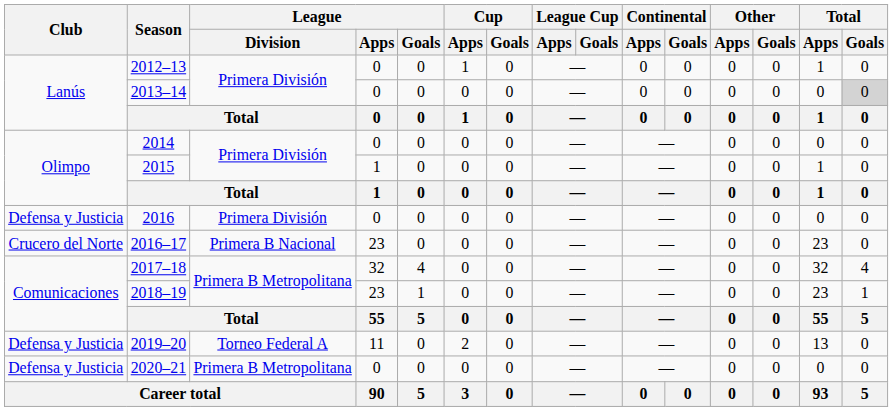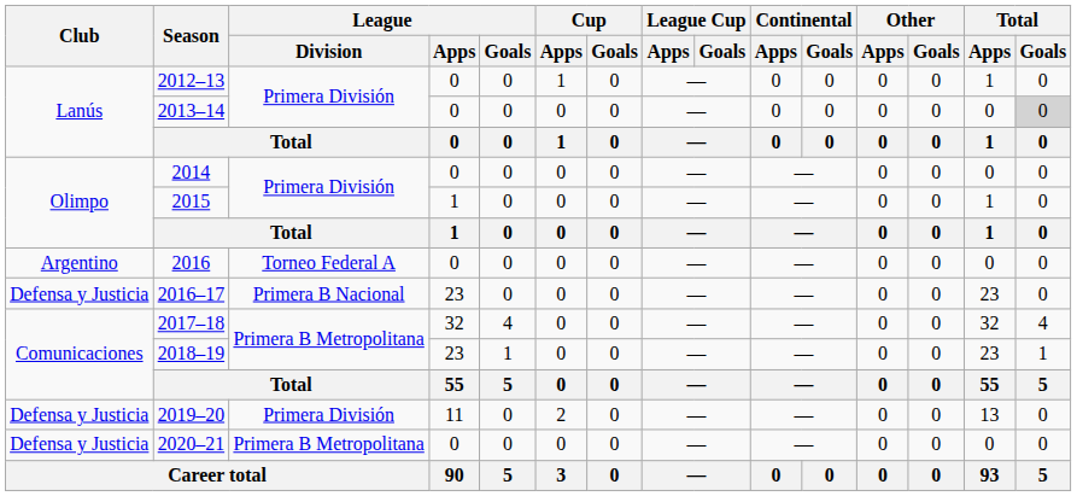 <table class="wikitable" style="text-align:center">
 <tr>
 <th rowspan="2">Club</th>
 <th rowspan="2">Season</th>
 <th colspan="3">League</th>
 <th colspan="2">Cup</th>
 <th colspan="2">League Cup</th>
 <th colspan="2">Continental</th>
 <th colspan="2">Other</th>
 <th colspan="2">Total</th>
 </tr>
 <tr>
 <th>Division</th>
 <th>Apps</th>
 <th>Goals</th>
 <th>Apps</th>
 <th>Goals</th>
 <th>Apps</th>
 <th>Goals</th>
 <th>Apps</th>
 <th>Goals</th>
 <th>Apps</th>
 <th>Goals</th>
 <th>Apps</th>
 <th>Goals</th>
 </tr>
 <tr>
 <td rowspan="3"><a href='#'>Lanús</a></td>
 <td><a href='#'>2012–13</a></td>
 <td rowspan="2"><a href='#'>Primera División</a></td>
 <td>0</td>
 <td>0</td>
 <td>1</td>
 <td>0</td>
 <td colspan="2">—</td>
 <td>0</td>
 <td>0</td>
 <td>0</td>
 <td>0</td>
 <td>1</td>
 <td>0</td>
 </tr>
 <tr>
 <td><a href='#'>2013–14</a></td>
 <td>0</td>
 <td>0</td>
 <td>0</td>
 <td>0</td>
 <td colspan="2">—</td>
 <td>0</td>
 <td>0</td>
 <td>0</td>
 <td>0</td>
 <td>0</td>
 <td style="background: lightgrey;">0</td>
 </tr>
 <tr>
 <th colspan="2">Total</th>
 <th>0</th>
 <th>0</th>
 <th>1</th>
 <th>0</th>
 <th colspan="2">—</th>
 <th>0</th>
 <th>0</th>
 <th>0</th>
 <th>0</th>
 <th>1</th>
 <th>0</th>
 </tr>
 <tr>
 <td rowspan="3"><a href='#'>Olimpo</a></td>
 <td><a href='#'>2014</a></td>
 <td rowspan="2"><a href='#'>Primera División</a></td>
 <td>0</td>
 <td>0</td>
 <td>0</td>
 <td>0</td>
 <td colspan="2">—</td>
 <td colspan="2">—</td>
 <td>0</td>
 <td>0</td>
 <td>0</td>
 <td>0</td>
 </tr>
 <tr>
 <td><a href='#'>2015</a></td>
 <td>1</td>
 <td>0</td>
 <td>0</td>
 <td>0</td>
 <td colspan="2">—</td>
 <td colspan="2">—</td>
 <td>0</td>
 <td>0</td>
 <td>1</td>
 <td>0</td>
 </tr>
 <tr>
 <th colspan="2">Total</th>
 <th>1</th>
 <th>0</th>
 <th>0</th>
 <th>0</th>
 <th colspan="2">—</th>
 <th colspan="2">—</th>
 <th>0</th>
 <th>0</th>
 <th>1</th>
 <th>0</th>
 </tr>
 <tr>
-<td rowspan="1"><a href='#'>Defensa y Justicia</a></td>
+<td rowspan="1"><a href='#'>Argentino</a></td>
 <td><a href='#'>2016</a></td>
-<td rowspan="1"><a href='#'>Primera División</a></td>
+<td rowspan="1"><a href='#'>Torneo Federal A</a></td>
 <td>0</td>
 <td>0</td>
 <td>0</td>
 <td>0</td>
 <td colspan="2">—</td>
 <td colspan="2">—</td>
 <td>0</td>
 <td>0</td>
 <td>0</td>
 <td>0</td>
 </tr>
 <tr>
-<td rowspan="1"><a href='#'>Crucero del Norte</a></td>
+<td rowspan="1"><a href='#'>Defensa y Justicia</a></td>
 <td><a href='#'>2016–17</a></td>
 <td rowspan="1"><a href='#'>Primera B Nacional</a></td>
 <td>23</td>
 <td>0</td>
 <td>0</td>
 <td>0</td>
 <td colspan="2">—</td>
 <td colspan="2">—</td>
 <td>0</td>
 <td>0</td>
 <td>23</td>
 <td>0</td>
 </tr>
 <tr>
 <td rowspan="3"><a href='#'>Comunicaciones</a></td>
 <td><a href='#'>2017–18</a></td>
 <td rowspan="2"><a href='#'>Primera B Metropolitana</a></td>
 <td>32</td>
 <td>4</td>
 <td>0</td>
 <td>0</td>
 <td colspan="2">—</td>
 <td colspan="2">—</td>
 <td>0</td>
 <td>0</td>
 <td>32</td>
 <td>4</td>
 </tr>
 <tr>
 <td><a href='#'>2018–19</a></td>
 <td>23</td>
 <td>1</td>
 <td>0</td>
 <td>0</td>
 <td colspan="2">—</td>
 <td colspan="2">—</td>
 <td>0</td>
 <td>0</td>
 <td>23</td>
 <td>1</td>
 </tr>
 <tr>
 <th colspan="2">Total</th>
 <th>55</th>
 <th>5</th>
 <th>0</th>
 <th>0</th>
 <th colspan="2">—</th>
 <th colspan="2">—</th>
 <th>0</th>
 <th>0</th>
 <th>55</th>
 <th>5</th>
 </tr>
 <tr>
 <td rowspan="1"><a href='#'>Defensa y Justicia</a></td>
 <td><a href='#'>2019–20</a></td>
-<td rowspan="1"><a href='#'>Torneo Federal A</a></td>
+<td rowspan="1"><a href='#'>Primera División</a></td>
 <td>11</td>
 <td>0</td>
 <td>2</td>
 <td>0</td>
 <td colspan="2">—</td>
 <td colspan="2">—</td>
 <td>0</td>
 <td>0</td>
 <td>13</td>
 <td>0</td>
 </tr>
 <tr>
 <td rowspan="1"><a href='#'>Defensa y Justicia</a></td>
 <td><a href='#'>2020–21</a></td>
 <td rowspan="1"><a href='#'>Primera B Metropolitana</a></td>
 <td>0</td>
 <td>0</td>
 <td>0</td>
 <td>0</td>
 <td colspan="2">—</td>
 <td colspan="2">—</td>
 <td>0</td>
 <td>0</td>
 <td>0</td>
 <td>0</td>
 </tr>
 <tr>
 <th colspan="3">Career total</th>
 <th>90</th>
 <th>5</th>
 <th>3</th>
 <th>0</th>
 <th colspan="2">—</th>
 <th>0</th>
 <th>0</th>
 <th>0</th>
 <th>0</th>
 <th>93</th>
 <th>5</th>
 </tr>
 </table>
